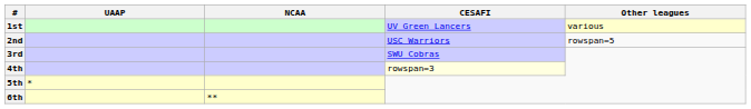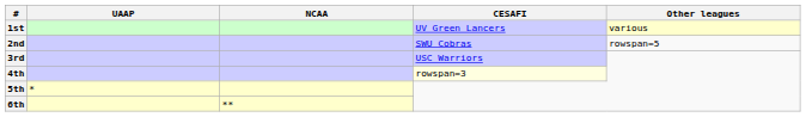 <table class=wikitable width=70%>
 <tr>
 <th width=2%>#</th>
 <th width=24%>UAAP</th>
 <th width=24%>NCAA</th>
 <th width=24%>CESAFI</th>
 <th width=24%>Other leagues</th>
 </tr>
 <tr>
 <th>1st</th>
 <td bgcolor=#CFC></td>
 <td bgcolor=#CFC></td>
 <td bgcolor=#CCF><a href='#'>UV Green Lancers</a></td>
 <td bgcolor=#FFC>various</td>
 </tr>
 <tr>
 <th>2nd</th>
 <td bgcolor=#CCF></td>
 <td bgcolor=#CCF></td>
-<td bgcolor=#CCF><a href='#'>USC Warriors</a></td>
+<td bgcolor=#CCF><a href='#'>SWU Cobras</a></td>
 <td>rowspan=5 </td>
 </tr>
 <tr>
 <th>3rd</th>
 <td bgcolor=#CCF></td>
 <td bgcolor=#CCF></td>
-<td bgcolor=#CCF><a href='#'>SWU Cobras</a></td>
+<td bgcolor=#CCF><a href='#'>USC Warriors</a></td>
 </tr>
 <tr>
 <th>4th</th>
 <td bgcolor=#CCF></td>
 <td bgcolor=#CCF></td>
 <td style="background: lightyellow;">rowspan=3 </td>
 </tr>
 <tr>
 <th>5th</th>
 <td bgcolor=#FFC>*</td>
 <td bgcolor=#FFC></td>
 </tr>
 <tr>
 <th>6th</th>
 <td bgcolor=#FFC></td>
 <td bgcolor=#FFC>**</td>
 </tr>
 </table>
